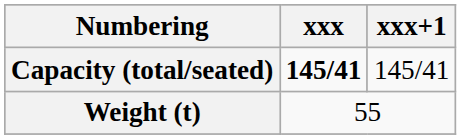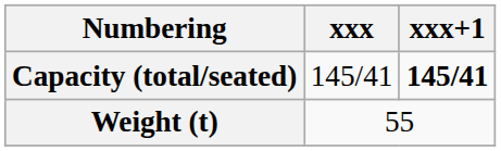 <table class="wikitable">
 <tr>
 <th>Numbering</th>
 <th>xxx</th>
 <th>xxx+1</th>
 </tr>
 <tr>
 <th>Capacity (total/seated)</th>
+<td>145/41</td>
 <td><strong>145/41</strong></td>
-<td>145/41</td>
 </tr>
 <tr>
 <th>Weight (t)</th>
 <td colspan="2" style="text-align: center;">55</td>
 </tr>
 </table>
